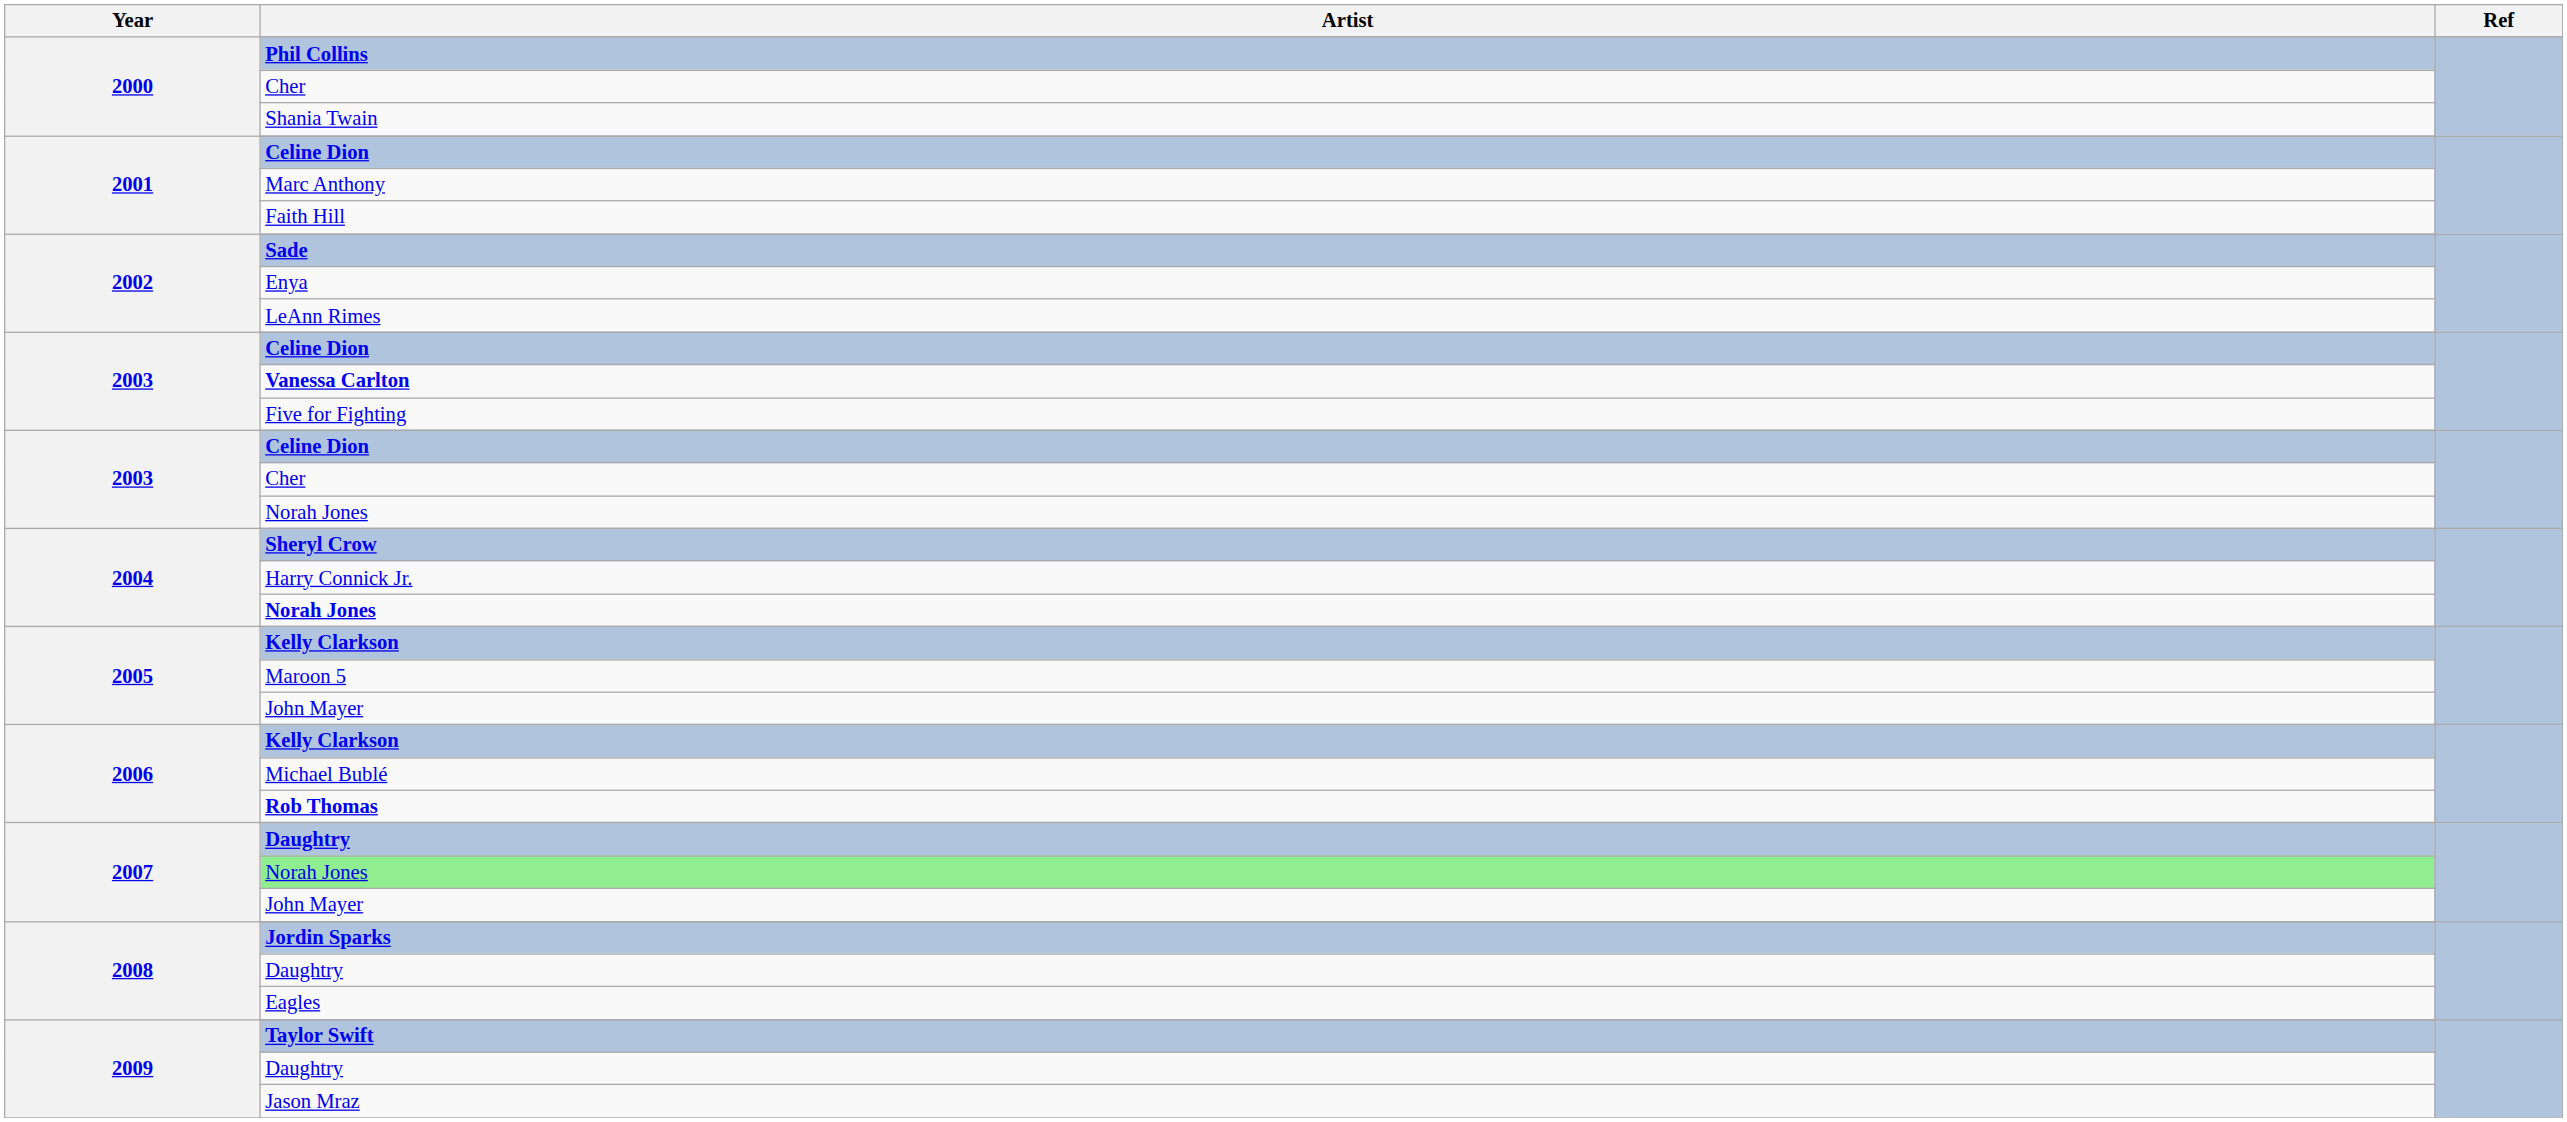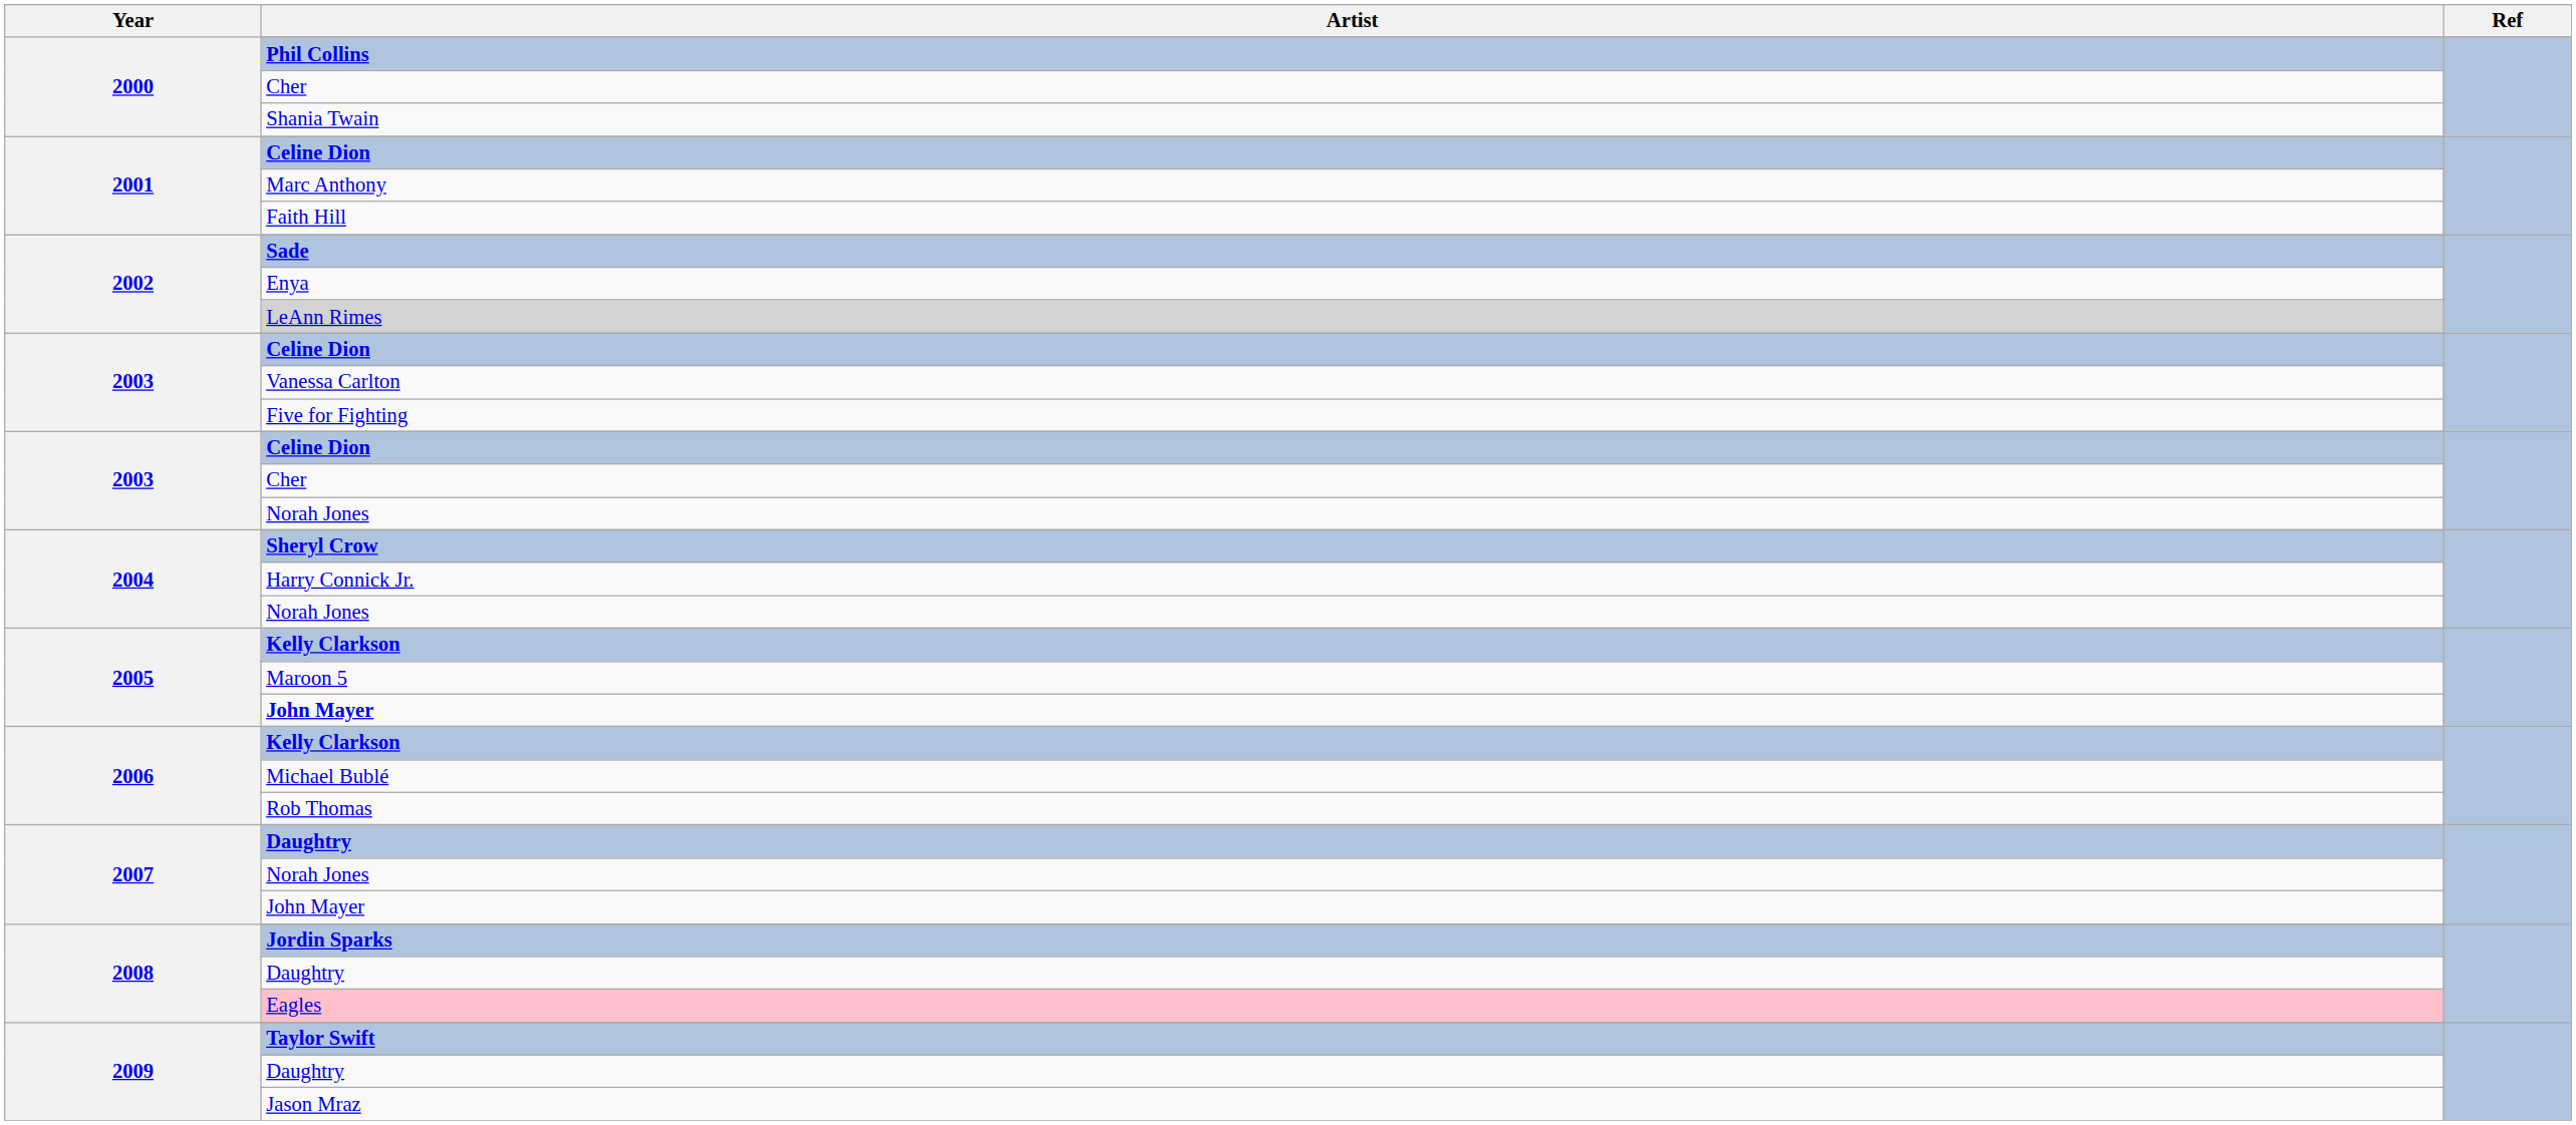 <table class="wikitable" width="100%">
 <tr>
 <th width="10%">Year</th>
 <th width="85%">Artist</th>
 <th width="5%">Ref</th>
 </tr>
 <tr>
 <th rowspan="4" align="center"><a href='#'>2000<br></a></th>
 </tr>
 <tr style="background:#B0C4DE">
 <td><strong><a href='#'>Phil Collins</a></strong></td>
 <td rowspan="4" align="center"></td>
 </tr>
 <tr>
 <td><a href='#'>Cher</a></td>
 </tr>
 <tr>
 <td><a href='#'>Shania Twain</a></td>
 </tr>
 <tr>
 <th rowspan="4" align="center"><a href='#'>2001<br></a></th>
 </tr>
 <tr style="background:#B0C4DE">
 <td><strong><a href='#'>Celine Dion</a></strong></td>
 <td rowspan="4" align="center"></td>
 </tr>
 <tr>
 <td><a href='#'>Marc Anthony</a></td>
 </tr>
 <tr>
 <td><a href='#'>Faith Hill</a></td>
 </tr>
 <tr>
 <th rowspan="4" align="center"><a href='#'>2002<br></a></th>
 </tr>
 <tr style="background:#B0C4DE">
 <td><strong><a href='#'>Sade</a></strong></td>
 <td rowspan="4" align="center"></td>
 </tr>
 <tr>
 <td><a href='#'>Enya</a></td>
 </tr>
 <tr>
-<td><a href='#'>LeAnn Rimes</a></td>
+<td style="background: lightgrey;"><a href='#'>LeAnn Rimes</a></td>
 </tr>
 <tr>
 <th rowspan="4" align="center"><a href='#'>2003<br></a></th>
 </tr>
 <tr style="background:#B0C4DE">
 <td><strong><a href='#'>Celine Dion</a></strong></td>
 <td rowspan="4" align="center"></td>
 </tr>
 <tr>
-<td><strong><a href='#'>Vanessa Carlton</a></strong></td>
+<td><a href='#'>Vanessa Carlton</a></td>
 </tr>
 <tr>
 <td><a href='#'>Five for Fighting</a></td>
 </tr>
 <tr>
 <th rowspan="4" align="center"><a href='#'>2003<br></a></th>
 </tr>
 <tr style="background:#B0C4DE">
 <td><strong><a href='#'>Celine Dion</a></strong></td>
 <td rowspan="4" align="center"></td>
 </tr>
 <tr>
 <td><a href='#'>Cher</a></td>
 </tr>
 <tr>
 <td><a href='#'>Norah Jones</a></td>
 </tr>
 <tr>
 <th rowspan="4" align="center"><a href='#'>2004<br></a></th>
 </tr>
 <tr style="background:#B0C4DE">
 <td><strong><a href='#'>Sheryl Crow</a></strong></td>
 <td rowspan="4" align="center"></td>
 </tr>
 <tr>
 <td><a href='#'>Harry Connick Jr.</a></td>
 </tr>
 <tr>
-<td><strong><a href='#'>Norah Jones</a></strong></td>
+<td><a href='#'>Norah Jones</a></td>
 </tr>
 <tr>
 <th rowspan="4" align="center"><a href='#'>2005<br></a></th>
 </tr>
 <tr style="background:#B0C4DE">
 <td><strong><a href='#'>Kelly Clarkson</a></strong></td>
 <td rowspan="4" align="center"></td>
 </tr>
 <tr>
 <td><a href='#'>Maroon 5</a></td>
 </tr>
 <tr>
-<td><a href='#'>John Mayer</a></td>
+<td><strong><a href='#'>John Mayer</a></strong></td>
 </tr>
 <tr>
 <th rowspan="4" align="center"><a href='#'>2006<br></a></th>
 </tr>
 <tr style="background:#B0C4DE">
 <td><strong><a href='#'>Kelly Clarkson</a></strong></td>
 <td rowspan="4" align="center"></td>
 </tr>
 <tr>
 <td><a href='#'>Michael Bublé</a></td>
 </tr>
 <tr>
-<td><strong><a href='#'>Rob Thomas</a></strong></td>
+<td><a href='#'>Rob Thomas</a></td>
 </tr>
 <tr>
 <th rowspan="4" align="center"><a href='#'>2007<br></a></th>
 </tr>
 <tr style="background:#B0C4DE">
 <td><strong><a href='#'>Daughtry</a></strong></td>
 <td rowspan="4" align="center"></td>
 </tr>
 <tr>
-<td style="background: lightgreen;"><a href='#'>Norah Jones</a></td>
+<td><a href='#'>Norah Jones</a></td>
 </tr>
 <tr>
 <td><a href='#'>John Mayer</a></td>
 </tr>
 <tr>
 <th rowspan="4" align="center"><a href='#'>2008<br></a></th>
 </tr>
 <tr style="background:#B0C4DE">
 <td><strong><a href='#'>Jordin Sparks</a></strong></td>
 <td rowspan="4" align="center"></td>
 </tr>
 <tr>
 <td><a href='#'>Daughtry</a></td>
 </tr>
 <tr>
-<td><a href='#'>Eagles</a></td>
+<td style="background: pink;"><a href='#'>Eagles</a></td>
 </tr>
 <tr>
 <th rowspan="4" align="center"><a href='#'>2009<br></a></th>
 </tr>
 <tr style="background:#B0C4DE">
 <td><strong><a href='#'>Taylor Swift</a></strong></td>
 <td rowspan="4" align="center"></td>
 </tr>
 <tr>
 <td><a href='#'>Daughtry</a></td>
 </tr>
 <tr>
 <td><a href='#'>Jason Mraz</a></td>
 </tr>
 </table>
